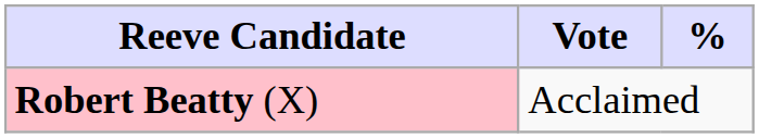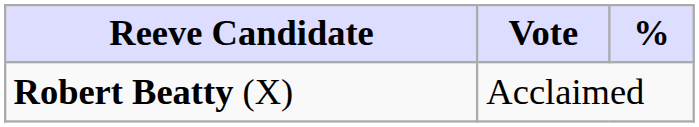 <table class="wikitable">
 <tr>
 <th style="background:#ddf; width:200px;">Reeve Candidate</th>
 <th style="background:#ddf; width:50px;">Vote</th>
 <th style="background:#ddf; width:30px;">%</th>
 </tr>
 <tr>
-<td style="background: pink;"><strong>Robert Beatty</strong> (X)</td>
+<td><strong>Robert Beatty</strong> (X)</td>
 <td colspan="2">Acclaimed</td>
 </tr>
 </table>
